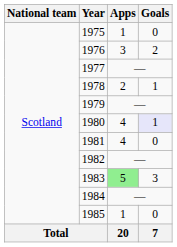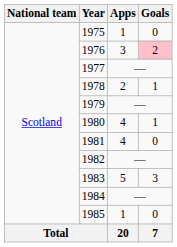 <table class=wikitable style="text-align: center;">
 <tr>
 <th>National team</th>
 <th>Year</th>
 <th>Apps</th>
 <th>Goals</th>
 </tr>
 <tr>
 <td rowspan="11"><a href='#'>Scotland</a></td>
 <td>1975</td>
 <td>1</td>
 <td>0</td>
 </tr>
 <tr>
 <td>1976</td>
 <td>3</td>
-<td>2</td>
+<td style="background: pink;">2</td>
 </tr>
 <tr>
 <td>1977</td>
 <td colspan=2>—</td>
 </tr>
 <tr>
 <td>1978</td>
 <td>2</td>
 <td>1</td>
 </tr>
 <tr>
 <td>1979</td>
 <td colspan=2>—</td>
 </tr>
 <tr>
 <td>1980</td>
 <td>4</td>
-<td style="background: lavender;">1</td>
+<td>1</td>
 </tr>
 <tr>
 <td>1981</td>
 <td>4</td>
 <td>0</td>
 </tr>
 <tr>
 <td>1982</td>
 <td colspan=2>—</td>
 </tr>
 <tr>
 <td>1983</td>
-<td style="background: lightgreen;">5</td>
+<td>5</td>
 <td>3</td>
 </tr>
 <tr>
 <td>1984</td>
 <td colspan=2>—</td>
 </tr>
 <tr>
 <td>1985</td>
 <td>1</td>
 <td>0</td>
 </tr>
 <tr>
 <th colspan=2>Total</th>
 <th>20</th>
 <th>7</th>
 </tr>
 </table>
